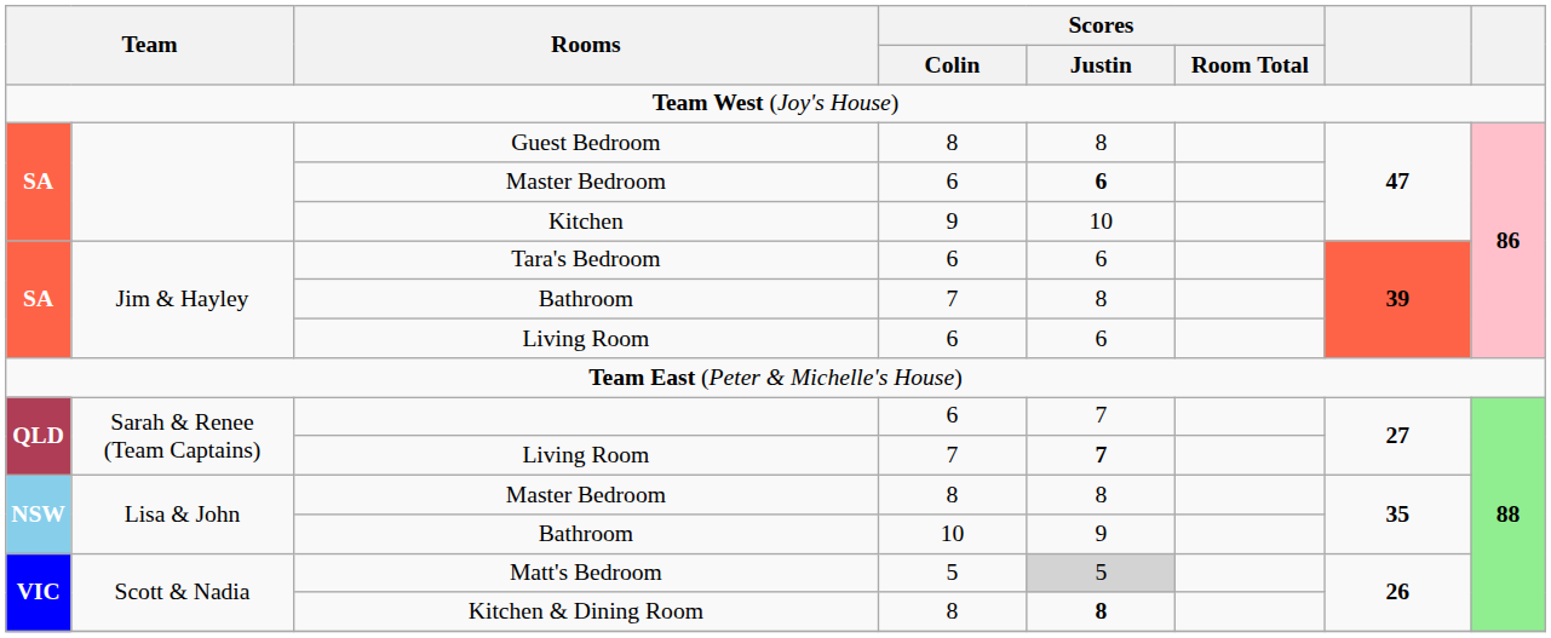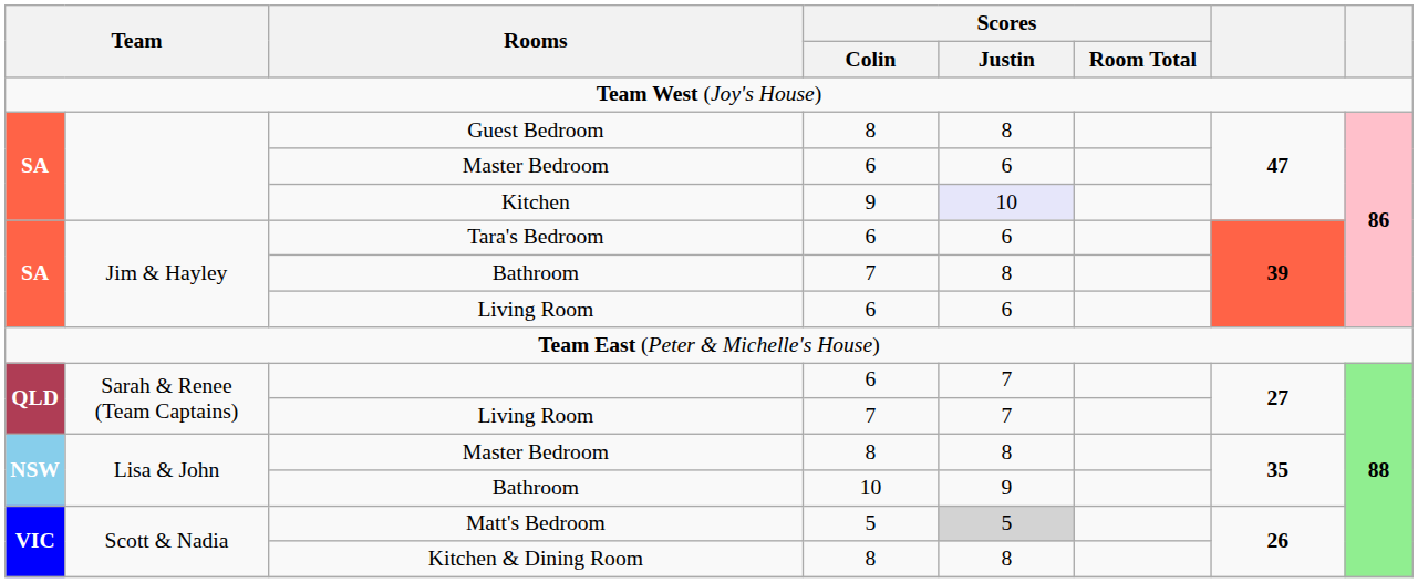 <table class="wikitable plainrowheaders" style="text-align:center; font-size:90%; width:65em;">
 <tr>
 <th colspan="2" rowspan="2">Team</th>
 <th rowspan="2" style="width:40%;">Rooms</th>
 <th colspan="3" style="width:40%;">Scores</th>
 <th rowspan="2" style="width:10%;"></th>
 <th rowspan="2" style="width:10%;"></th>
 </tr>
 <tr>
 <th style="width:10%;">Colin</th>
 <th style="width:10%;">Justin</th>
 <th style="width:10%;">Room Total</th>
 </tr>
 <tr>
 <td colspan="8" scope="col" style="width:10em;" scope="col" style="background:red; color:white;"><strong>Team West</strong> (<em>Joy's House</em>)</td>
 </tr>
 <tr>
 <th rowspan="3" style="background:tomato; color:white;">SA</th>
 <td rowspan="3" style="width:15%;"><br></td>
 <td>Guest Bedroom</td>
 <td>8</td>
 <td>8</td>
 <td></td>
 <td rowspan="3"><strong>47</strong></td>
 <th rowspan="6" style="background:pink; color:black;">86</th>
 </tr>
 <tr>
 <td>Master Bedroom</td>
 <td>6</td>
-<td><strong>6</strong></td>
+<td>6</td>
 <td></td>
 </tr>
 <tr>
 <td>Kitchen</td>
 <td>9</td>
-<td>10</td>
+<td style="background: lavender;">10</td>
 <td></td>
 </tr>
 <tr>
 <th rowspan="3" style="background:tomato; color:white;">SA</th>
 <td rowspan="3" style="width:15%;">Jim & Hayley</td>
 <td>Tara's Bedroom</td>
 <td>6</td>
 <td>6</td>
 <td></td>
 <td rowspan="3" style="background:tomato; color:black;"><strong>39</strong></td>
 </tr>
 <tr>
 <td>Bathroom</td>
 <td>7</td>
 <td>8</td>
 <td></td>
 </tr>
 <tr>
 <td>Living Room</td>
 <td>6</td>
 <td>6</td>
 <td></td>
 </tr>
 <tr>
 <td colspan="8" scope="col" style="width:10em;" scope="col" style="background:blue; color:white;"><strong>Team East</strong> (<em>Peter & Michelle's House</em>)</td>
 </tr>
 <tr>
 <th rowspan="2" style="background:#AF3D55; color:white;">QLD</th>
 <td rowspan="2" style="width:15%;">Sarah & Renee<br>(Team Captains)</td>
 <td></td>
 <td>6</td>
 <td>7</td>
 <td></td>
 <td rowspan="2"><strong>27</strong></td>
 <th rowspan="6" style="background:lightgreen; color:black;">88</th>
 </tr>
 <tr>
 <td>Living Room</td>
 <td>7</td>
-<td><strong>7</strong></td>
+<td>7</td>
 <td></td>
 </tr>
 <tr>
 <th rowspan="2" style="background:skyblue; color:white;">NSW</th>
 <td rowspan="2" style="width:15%;">Lisa & John</td>
 <td>Master Bedroom</td>
 <td>8</td>
 <td>8</td>
 <td></td>
 <td rowspan="2"><strong>35</strong></td>
 </tr>
 <tr>
 <td>Bathroom</td>
 <td>10</td>
 <td>9</td>
 <td></td>
 </tr>
 <tr>
 <th rowspan="2" style="background:blue; color:white;">VIC</th>
 <td rowspan="2" style="width:15%;">Scott & Nadia</td>
 <td>Matt's Bedroom</td>
 <td>5</td>
 <td style="background: lightgrey;">5</td>
 <td></td>
 <td rowspan="2"><strong>26</strong></td>
 </tr>
 <tr>
 <td>Kitchen & Dining Room</td>
 <td>8</td>
-<td><strong>8</strong></td>
+<td>8</td>
 <td></td>
 </tr>
 <tr>
 </tr>
 </table>
